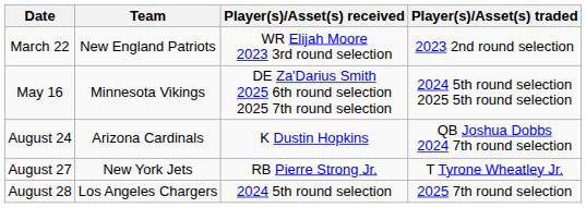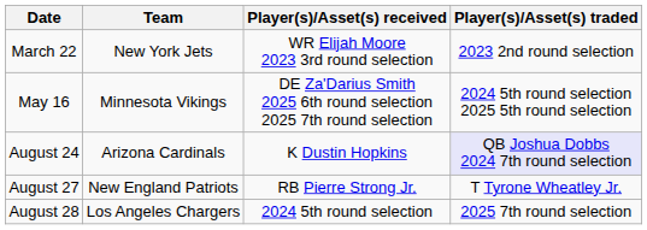 <table class="wikitable" style="text-align:center">
 <tr>
 <th>Date</th>
 <th>Team</th>
 <th>Player(s)/Asset(s) received</th>
 <th>Player(s)/Asset(s) traded</th>
 </tr>
 <tr>
 <td>March 22</td>
-<td>New England Patriots</td>
+<td>New York Jets</td>
 <td>WR <a href='#'>Elijah Moore</a><br><a href='#'>2023</a> 3rd round selection</td>
 <td><a href='#'>2023</a> 2nd round selection</td>
 </tr>
 <tr>
 <td>May 16</td>
 <td>Minnesota Vikings</td>
 <td>DE <a href='#'>Za'Darius Smith</a><br><a href='#'>2025</a> 6th round selection<br>2025 7th round selection</td>
 <td><a href='#'>2024</a> 5th round selection<br>2025 5th round selection</td>
 </tr>
 <tr>
 <td>August 24</td>
 <td>Arizona Cardinals</td>
 <td>K <a href='#'>Dustin Hopkins</a></td>
-<td>QB <a href='#'>Joshua Dobbs</a><br><a href='#'>2024</a> 7th round selection</td>
+<td style="background: lavender;">QB <a href='#'>Joshua Dobbs</a><br><a href='#'>2024</a> 7th round selection</td>
 </tr>
 <tr>
 <td>August 27</td>
-<td>New York Jets</td>
+<td>New England Patriots</td>
 <td>RB <a href='#'>Pierre Strong Jr.</a></td>
 <td>T <a href='#'>Tyrone Wheatley Jr.</a></td>
 </tr>
 <tr>
 <td>August 28</td>
 <td>Los Angeles Chargers</td>
 <td><a href='#'>2024</a> 5th round selection</td>
 <td><a href='#'>2025</a> 7th round selection</td>
 </tr>
 </table>
